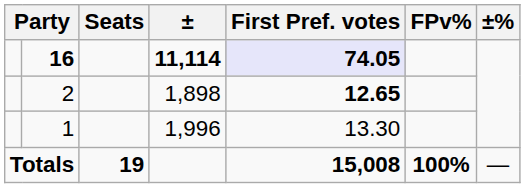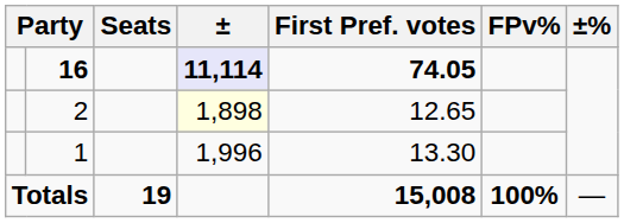 <table class="wikitable" border="1">
 <tr>
 <th colspan="2" align="center">Party</th>
 <th valign="top">Seats</th>
 <th valign="top">±</th>
 <th valign="top">First Pref. votes</th>
 <th valign="top">FPv%</th>
 <th valign="top">±%</th>
 </tr>
 <tr>
 <td></td>
 <td align="right"><strong>16</strong></td>
 <td align="right"></td>
-<td align="right"><strong>11,114</strong></td>
-<td align="right" style="background: lavender;"><strong>74.05</strong></td>
+<td align="right" style="background: lavender;"><strong>11,114</strong></td>
+<td align="right"><strong>74.05</strong></td>
 <td align="right"></td>
 </tr>
 <tr>
 <td></td>
 <td align="right">2</td>
 <td align="right"></td>
-<td align="right">1,898</td>
-<td align="right"><strong>12.65</strong></td>
+<td align="right" style="background: lightyellow;">1,898</td>
+<td align="right">12.65</td>
 <td align="right"></td>
 </tr>
 <tr>
 <td></td>
 <td align="right">1</td>
 <td align="right"></td>
 <td align="right">1,996</td>
 <td align="right">13.30</td>
 <td align="right"></td>
 </tr>
 <tr>
 <td colspan="2" align="center"><strong>Totals</strong></td>
 <td align="right"><strong>19</strong></td>
 <td align="center"></td>
 <td align="right"><strong>15,008</strong></td>
 <td align="center"><strong>100%</strong></td>
 <td align="center">—</td>
 </tr>
 </table>
